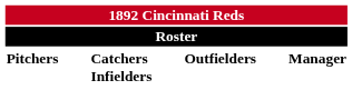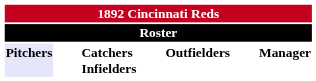 <table class="toccolours" style="font-size: 95%;">
 <tr>
 <th colspan="10" style="background-color: #c6011f; color: white; text-align: center;">1892 Cincinnati Reds</th>
 </tr>
 <tr>
 <td colspan="10" style="background-color: black; color: white; text-align: center;"><strong>Roster</strong></td>
 </tr>
 <tr>
-<td valign="top"><strong>Pitchers</strong><br>             </td>
+<td valign="top" style="background: lavender;"><strong>Pitchers</strong><br>             </td>
 <td width="25px"></td>
 <td valign="top"><strong>Catchers</strong><br>     <strong>Infielders</strong>      </td>
 <td width="25px"></td>
 <td valign="top"><strong>Outfielders</strong><br>       </td>
 <td width="25px"></td>
 <td valign="top"><strong>Manager</strong><br></td>
 </tr>
 </table>
